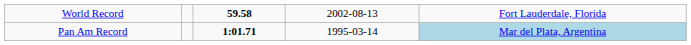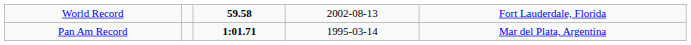 <table class="wikitable" style=" text-align:center; font-size:95%;" width="75%">
 <tr>
 <td><a href='#'>World Record</a></td>
 <td></td>
 <td><strong>59.58</strong></td>
 <td>2002-08-13</td>
 <td> <a href='#'>Fort Lauderdale, Florida</a></td>
 </tr>
 <tr>
 <td><a href='#'>Pan Am Record</a></td>
 <td></td>
 <td><strong>1:01.71</strong></td>
 <td>1995-03-14</td>
-<td style="background: lightblue;"> <a href='#'>Mar del Plata, Argentina</a></td>
+<td> <a href='#'>Mar del Plata, Argentina</a></td>
 </tr>
 </table>
